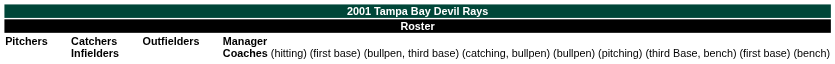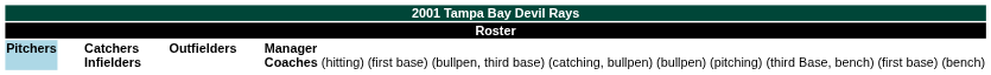 <table class="toccolours" style="font-size: 95%;">
 <tr>
 <th colspan="10" style="background-color: #004638; color: #fff; text-align: center;">2001 Tampa Bay Devil Rays</th>
 </tr>
 <tr>
 <td colspan="10" style="background-color: #000; color: #FFF; text-align: center;"><strong>Roster</strong></td>
 </tr>
 <tr>
-<td valign="top"><strong>Pitchers</strong><br>                       </td>
+<td valign="top" style="background: lightblue;"><strong>Pitchers</strong><br>                       </td>
 <td width="25px"></td>
 <td valign="top"><strong>Catchers</strong><br>    <strong>Infielders</strong>            </td>
 <td width="25px"></td>
 <td valign="top"><strong>Outfielders</strong><br>     </td>
 <td width="25px"></td>
 <td valign="top"><strong>Manager</strong><br>  <strong>Coaches</strong>  (hitting)  (first base)  (bullpen, third base)  (catching, bullpen)  (bullpen)  (pitching)  (third Base, bench)  (first base)  (bench)</td>
 </tr>
 <tr>
 </tr>
 </table>
